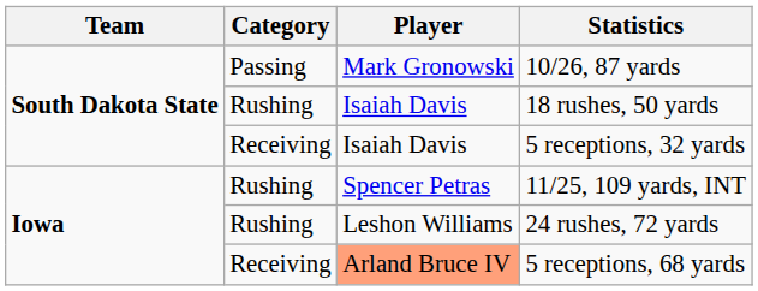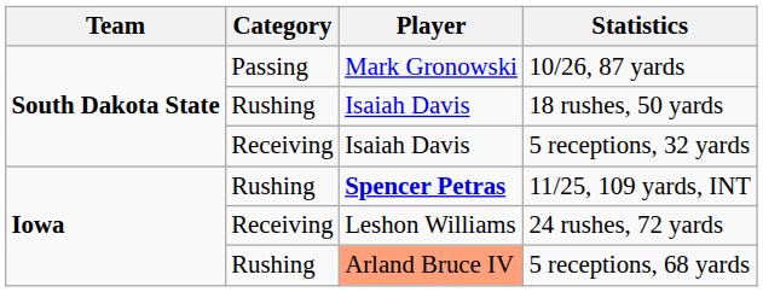 <table class="wikitable" style="float: left;">
 <tr>
 <th>Team</th>
 <th>Category</th>
 <th>Player</th>
 <th>Statistics</th>
 </tr>
 <tr>
 <td rowspan=3><strong>South Dakota State</strong></td>
 <td>Passing</td>
 <td><a href='#'>Mark Gronowski</a></td>
 <td>10/26, 87 yards</td>
 </tr>
 <tr>
 <td>Rushing</td>
 <td><a href='#'>Isaiah Davis</a></td>
 <td>18 rushes, 50 yards</td>
 </tr>
 <tr>
 <td>Receiving</td>
 <td>Isaiah Davis</td>
 <td>5 receptions, 32 yards</td>
 </tr>
 <tr>
 <td rowspan=3><strong>Iowa</strong></td>
 <td>Rushing</td>
-<td><a href='#'>Spencer Petras</a></td>
+<td><strong><a href='#'>Spencer Petras</a></strong></td>
 <td>11/25, 109 yards, INT</td>
 </tr>
 <tr>
-<td>Rushing</td>
+<td>Receiving</td>
 <td>Leshon Williams</td>
 <td>24 rushes, 72 yards</td>
 </tr>
 <tr>
-<td>Receiving</td>
+<td>Rushing</td>
 <td style="background: lightsalmon;">Arland Bruce IV</td>
 <td>5 receptions, 68 yards</td>
 </tr>
 </table>
